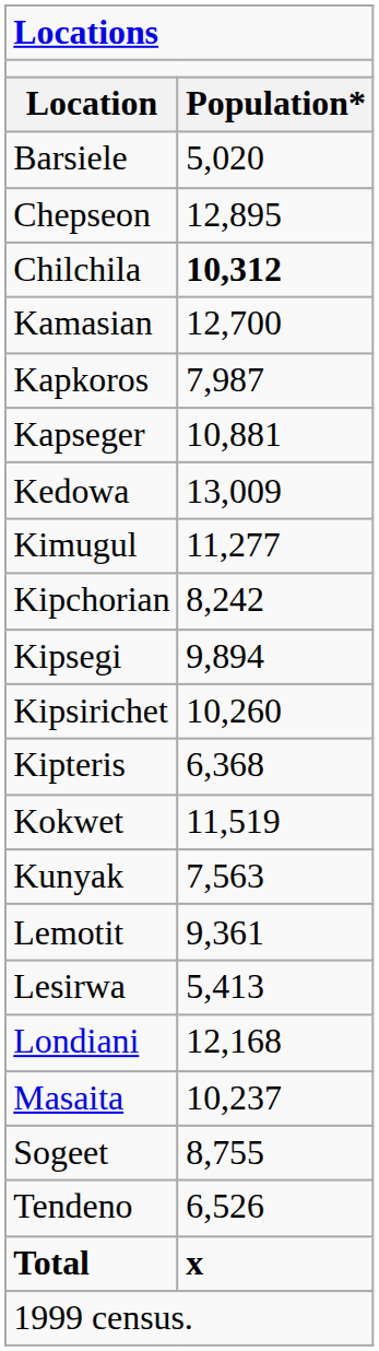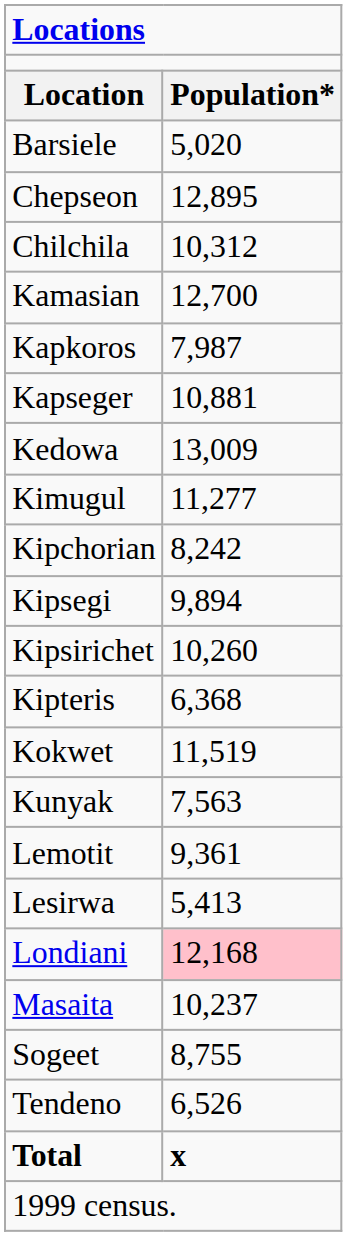 <table class="wikitable">
 <tr>
 <td colspan="2"><strong><a href='#'>Locations</a></strong></td>
 </tr>
 <tr>
 <td colspan="2"></td>
 </tr>
 <tr>
 <th>Location</th>
 <th>Population*</th>
 </tr>
 <tr>
 <td>Barsiele</td>
 <td>5,020</td>
 </tr>
 <tr>
 <td>Chepseon</td>
 <td>12,895</td>
 </tr>
 <tr>
 <td>Chilchila</td>
-<td><strong>10,312</strong></td>
+<td>10,312</td>
 </tr>
 <tr>
 <td>Kamasian</td>
 <td>12,700</td>
 </tr>
 <tr>
 <td>Kapkoros</td>
 <td>7,987</td>
 </tr>
 <tr>
 <td>Kapseger</td>
 <td>10,881</td>
 </tr>
 <tr>
 <td>Kedowa</td>
 <td>13,009</td>
 </tr>
 <tr>
 <td>Kimugul</td>
 <td>11,277</td>
 </tr>
 <tr>
 <td>Kipchorian</td>
 <td>8,242</td>
 </tr>
 <tr>
 <td>Kipsegi</td>
 <td>9,894</td>
 </tr>
 <tr>
 <td>Kipsirichet</td>
 <td>10,260</td>
 </tr>
 <tr>
 <td>Kipteris</td>
 <td>6,368</td>
 </tr>
 <tr>
 <td>Kokwet</td>
 <td>11,519</td>
 </tr>
 <tr>
 <td>Kunyak</td>
 <td>7,563</td>
 </tr>
 <tr>
 <td>Lemotit</td>
 <td>9,361</td>
 </tr>
 <tr>
 <td>Lesirwa</td>
 <td>5,413</td>
 </tr>
 <tr>
 <td><a href='#'>Londiani</a></td>
-<td>12,168</td>
+<td style="background: pink;">12,168</td>
 </tr>
 <tr>
 <td><a href='#'>Masaita</a></td>
 <td>10,237</td>
 </tr>
 <tr>
 <td>Sogeet</td>
 <td>8,755</td>
 </tr>
 <tr>
 <td>Tendeno</td>
 <td>6,526</td>
 </tr>
 <tr>
 <td><strong>Total</strong></td>
 <td><strong>x</strong></td>
 </tr>
 <tr>
 <td colspan="2">1999 census.</td>
 </tr>
 </table>
